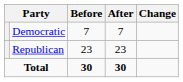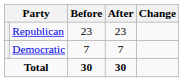 <table class="wikitable" style="text-align:center;">
 <tr>
 <th colspan="2">Party</th>
 <th>Before</th>
 <th>After</th>
 <th>Change</th>
 </tr>
 <tr>
 <th style="background-color:"></th>
-<td style="text-align:left;"><a href='#'>Democratic</a></td>
-<td>7</td>
-<td>7</td>
+<td style="text-align:left;"><a href='#'>Republican</a></td>
+<td>23</td>
+<td>23</td>
 <td></td>
 </tr>
 <tr>
 <th style="background-color:"></th>
-<td style="text-align:left;"><a href='#'>Republican</a></td>
-<td>23</td>
-<td>23</td>
+<td style="text-align:left;"><a href='#'>Democratic</a></td>
+<td>7</td>
+<td>7</td>
 <td></td>
 </tr>
 <tr>
 <td colspan="2"><strong>Total</strong></td>
 <td><strong>30</strong></td>
 <td><strong>30</strong></td>
 <td></td>
 </tr>
 </table>
